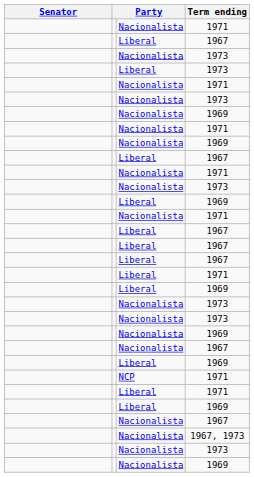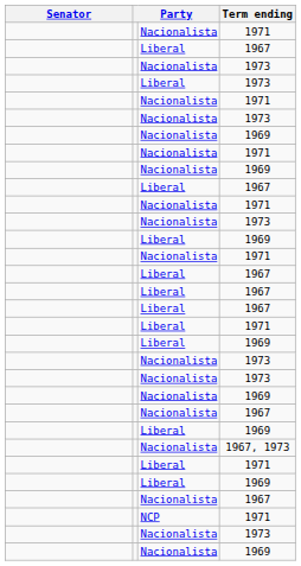 <table class="wikitable sortable">
 <tr>
 <th width="150px"><a href='#'>Senator</a></th>
 <th colspan="2"><a href='#'>Party</a></th>
 <th>Term ending</th>
 </tr>
 <tr>
 <td></td>
 <td></td>
 <td><a href='#'>Nacionalista</a></td>
 <td align="center">1971</td>
 </tr>
 <tr>
 <td></td>
 <td></td>
 <td><a href='#'>Liberal</a></td>
 <td align="center">1967</td>
 </tr>
 <tr>
 <td></td>
 <td></td>
 <td><a href='#'>Nacionalista</a></td>
 <td align="center">1973</td>
 </tr>
 <tr>
 <td></td>
 <td></td>
 <td><a href='#'>Liberal</a></td>
 <td align="center">1973</td>
 </tr>
 <tr>
 <td></td>
 <td></td>
 <td><a href='#'>Nacionalista</a></td>
 <td align="center">1971</td>
 </tr>
 <tr>
 <td></td>
 <td></td>
 <td><a href='#'>Nacionalista</a></td>
 <td align="center">1973</td>
 </tr>
 <tr>
 <td></td>
 <td></td>
 <td><a href='#'>Nacionalista</a></td>
 <td align="center">1969</td>
 </tr>
 <tr>
 <td></td>
 <td></td>
 <td><a href='#'>Nacionalista</a></td>
 <td align="center">1971</td>
 </tr>
 <tr>
 <td></td>
 <td></td>
 <td><a href='#'>Nacionalista</a></td>
 <td align="center">1969</td>
 </tr>
 <tr>
 <td></td>
 <td></td>
 <td><a href='#'>Liberal</a></td>
 <td align="center">1967</td>
 </tr>
 <tr>
 <td></td>
 <td></td>
 <td><a href='#'>Nacionalista</a></td>
 <td align="center">1971</td>
 </tr>
 <tr>
 <td></td>
 <td></td>
 <td><a href='#'>Nacionalista</a></td>
 <td align="center">1973</td>
 </tr>
 <tr>
 <td></td>
 <td></td>
 <td><a href='#'>Liberal</a></td>
 <td align="center">1969</td>
 </tr>
 <tr>
 <td></td>
 <td></td>
 <td><a href='#'>Nacionalista</a></td>
 <td align="center">1971</td>
 </tr>
 <tr>
 <td></td>
 <td></td>
 <td><a href='#'>Liberal</a></td>
 <td align="center">1967</td>
 </tr>
 <tr>
 <td></td>
 <td></td>
 <td><a href='#'>Liberal</a></td>
 <td align="center">1967</td>
 </tr>
 <tr>
 <td></td>
 <td></td>
 <td><a href='#'>Liberal</a></td>
 <td align="center">1967</td>
 </tr>
 <tr>
 <td></td>
 <td></td>
 <td><a href='#'>Liberal</a></td>
 <td align="center">1971</td>
 </tr>
 <tr>
 <td></td>
 <td></td>
 <td><a href='#'>Liberal</a></td>
 <td align="center">1969</td>
 </tr>
 <tr>
 <td></td>
 <td></td>
 <td><a href='#'>Nacionalista</a></td>
 <td align="center">1973</td>
 </tr>
 <tr>
 <td></td>
 <td></td>
 <td><a href='#'>Nacionalista</a></td>
 <td align="center">1973</td>
 </tr>
 <tr>
 <td></td>
 <td></td>
 <td><a href='#'>Nacionalista</a></td>
 <td align="center">1969</td>
 </tr>
 <tr>
 <td></td>
 <td></td>
 <td><a href='#'>Nacionalista</a></td>
 <td align="center">1967</td>
 </tr>
 <tr>
 <td></td>
 <td></td>
 <td><a href='#'>Liberal</a></td>
 <td align="center">1969</td>
 </tr>
 <tr>
 <td></td>
 <td></td>
-<td><a href='#'>NCP</a></td>
-<td align="center">1971</td>
+<td><a href='#'>Nacionalista</a></td>
+<td align="center">1967, 1973</td>
 </tr>
 <tr>
 <td></td>
 <td></td>
 <td><a href='#'>Liberal</a></td>
 <td align="center">1971</td>
 </tr>
 <tr>
 <td></td>
 <td></td>
 <td><a href='#'>Liberal</a></td>
 <td align="center">1969</td>
 </tr>
 <tr>
 <td></td>
 <td></td>
 <td><a href='#'>Nacionalista</a></td>
 <td align="center">1967</td>
 </tr>
 <tr>
 <td></td>
 <td></td>
-<td><a href='#'>Nacionalista</a></td>
-<td align="center">1967, 1973</td>
+<td><a href='#'>NCP</a></td>
+<td align="center">1971</td>
 </tr>
 <tr>
 <td></td>
 <td></td>
 <td><a href='#'>Nacionalista</a></td>
 <td align="center">1973</td>
 </tr>
 <tr>
 <td></td>
 <td></td>
 <td><a href='#'>Nacionalista</a></td>
 <td align="center">1969</td>
 </tr>
 </table>
